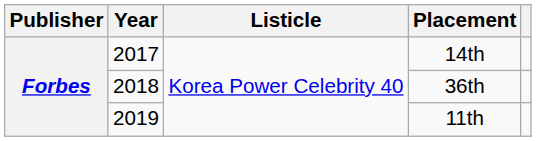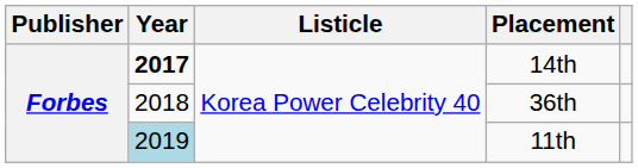 <table class="wikitable plainrowheaders sortable" style="text-align:center">
 <tr>
 <th scope="col">Publisher</th>
 <th scope="col">Year</th>
 <th scope="col">Listicle</th>
 <th scope="col">Placement</th>
 <th scope="col" class="unsortable"></th>
 </tr>
 <tr>
 <th scope="row" rowspan="3"><em><a href='#'>Forbes</a></em></th>
-<td>2017</td>
+<td><strong>2017</strong></td>
 <td rowspan="3" style="text-align:left"><a href='#'>Korea Power Celebrity 40</a></td>
 <td>14th</td>
 <td></td>
 </tr>
 <tr>
 <td>2018</td>
 <td>36th</td>
 <td></td>
 </tr>
 <tr>
-<td>2019</td>
+<td style="background: lightblue;">2019</td>
 <td>11th</td>
 <td></td>
 </tr>
 </table>
